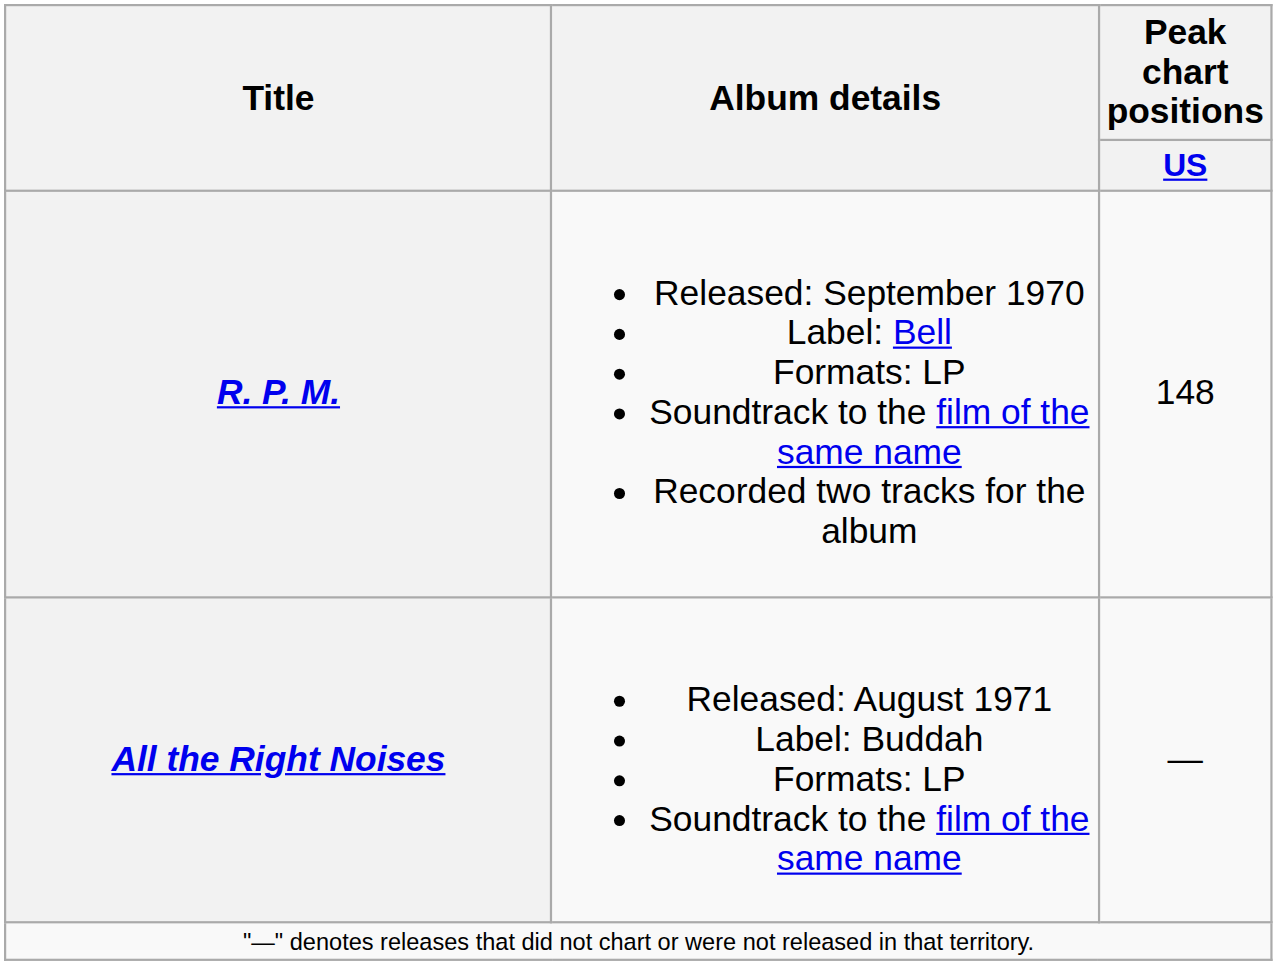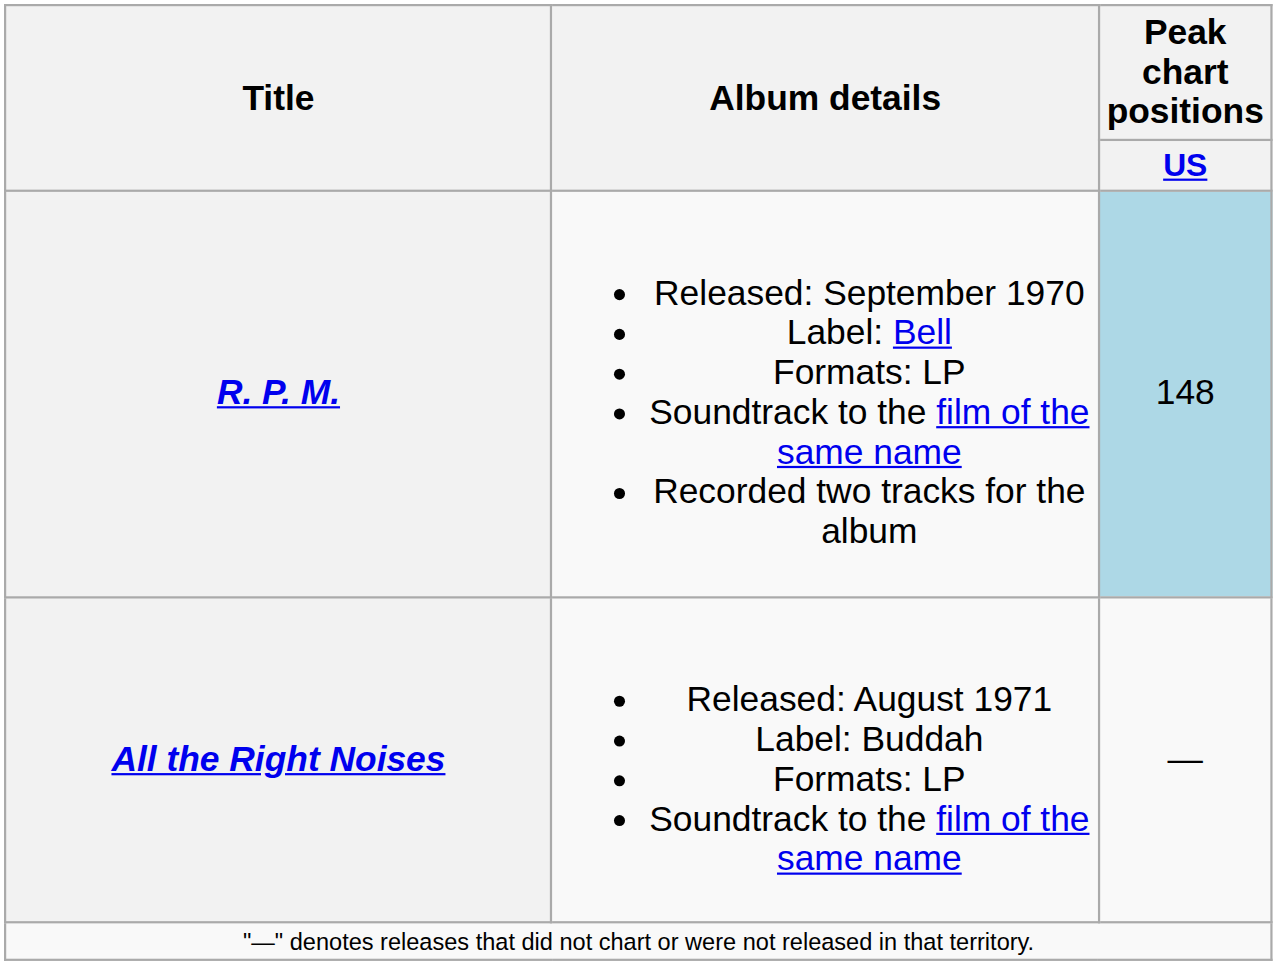 <table class="wikitable plainrowheaders" style="text-align:center;">
 <tr>
 <th rowspan="2" scope="col" style="width:15em;">Title</th>
 <th rowspan="2" scope="col" style="width:15em;">Album details</th>
 <th>Peak chart<br>positions</th>
 </tr>
 <tr>
 <th scope="col" style="width:2em;font-size:90%;"><a href='#'>US</a><br></th>
 </tr>
 <tr>
 <th scope="row"><em><a href='#'>R. P. M.</a></em></th>
 <td><br><ul><li>Released: September 1970</li><li>Label: <a href='#'>Bell</a></li><li>Formats: LP</li><li>Soundtrack to the <a href='#'>film of the same name</a></li><li>Recorded two tracks for the album</li></ul></td>
-<td>148</td>
+<td style="background: lightblue;">148</td>
 </tr>
 <tr>
 <th scope="row"><em><a href='#'>All the Right Noises</a></em></th>
 <td><br><ul><li>Released: August 1971</li><li>Label: Buddah</li><li>Formats: LP</li><li>Soundtrack to the <a href='#'>film of the same name</a></li></ul></td>
 <td>—</td>
 </tr>
 <tr>
 <td colspan="3" style="font-size:8pt">"—" denotes releases that did not chart or were not released in that territory.</td>
 </tr>
 </table>
